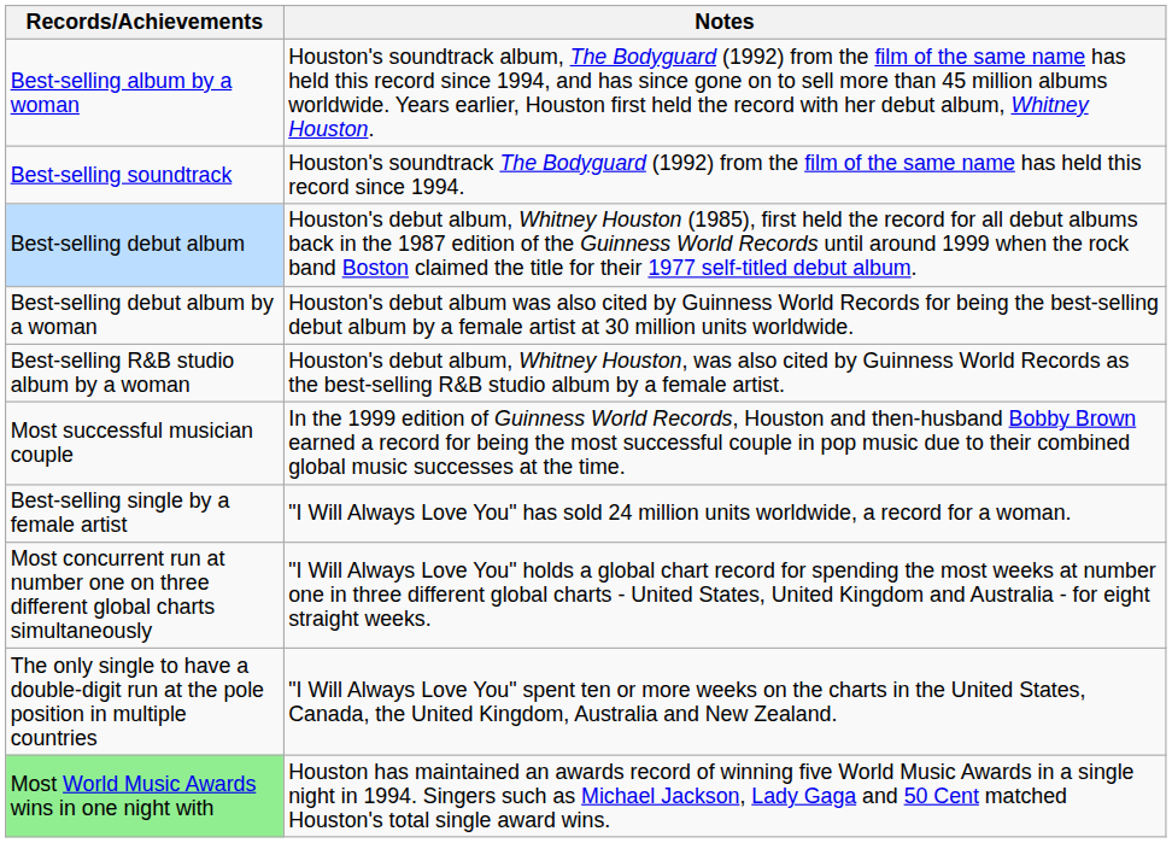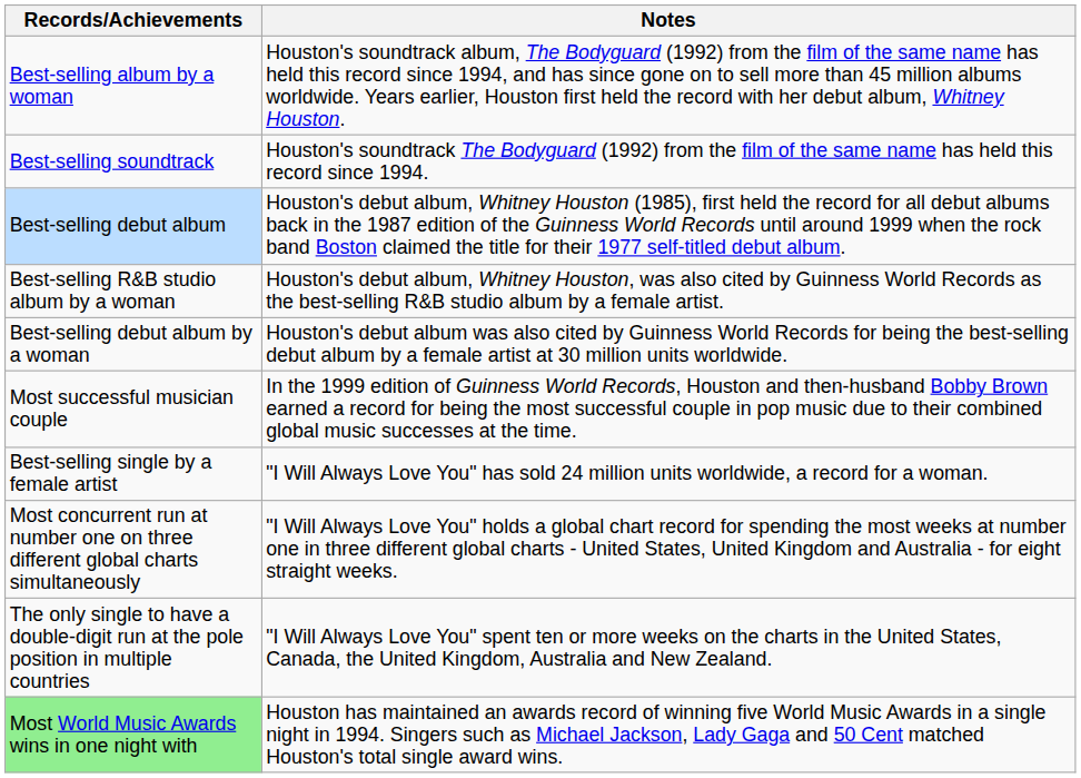 <table class="wikitable sortable plainrowheaders">
 <tr>
 <th scope="col" width=20%>Records/Achievements</th>
 <th scope="col" width=67%>Notes</th>
 </tr>
 <tr>
 <td><a href='#'>Best-selling album by a woman</a> </td>
 <td>Houston's soundtrack album, <em><a href='#'>The Bodyguard</a></em> (1992) from the <a href='#'>film of the same name</a> has held this record since 1994, and has since gone on to sell more than 45 million albums worldwide. Years earlier, Houston first held the record with her debut album, <em><a href='#'>Whitney Houston</a></em>.</td>
 </tr>
 <tr>
 <td><a href='#'>Best-selling soundtrack</a> </td>
 <td>Houston's soundtrack <em><a href='#'>The Bodyguard</a></em> (1992) from the <a href='#'>film of the same name</a> has held this record since 1994.</td>
 </tr>
 <tr>
 <td style="background-color: #bdf;">Best-selling debut album </td>
 <td>Houston's debut album, <em>Whitney Houston</em> (1985), first held the record for all debut albums back in the 1987 edition of the <em>Guinness World Records</em> until around 1999 when the rock band <a href='#'>Boston</a> claimed the title for their <a href='#'>1977 self-titled debut album</a>.</td>
 </tr>
 <tr>
+<td>Best-selling R&B studio album by a woman </td>
+<td>Houston's debut album, <em>Whitney Houston</em>, was also cited by Guinness World Records as the best-selling R&B studio album by a female artist.</td>
+</tr>
+<tr>
 <td>Best-selling debut album by a woman </td>
 <td>Houston's debut album was also cited by Guinness World Records for being the best-selling debut album by a female artist at 30 million units worldwide.</td>
-</tr>
-<tr>
-<td>Best-selling R&B studio album by a woman </td>
-<td>Houston's debut album, <em>Whitney Houston</em>, was also cited by Guinness World Records as the best-selling R&B studio album by a female artist.</td>
 </tr>
 <tr>
 <td>Most successful musician couple </td>
 <td>In the 1999 edition of <em>Guinness World Records</em>, Houston and then-husband <a href='#'>Bobby Brown</a> earned a record for being the most successful couple in pop music due to their combined global music successes at the time.</td>
 </tr>
 <tr>
 <td>Best-selling single by a female artist </td>
 <td>"I Will Always Love You" has sold 24 million units worldwide, a record for a woman.</td>
 </tr>
 <tr>
 <td>Most concurrent run at number one on three different global charts simultaneously</td>
 <td>"I Will Always Love You" holds a global chart record for spending the most weeks at number one in three different global charts - United States, United Kingdom and Australia - for eight straight weeks.</td>
 </tr>
 <tr>
 <td>The only single to have a double-digit run at the pole position in multiple countries</td>
 <td>"I Will Always Love You" spent ten or more weeks on the charts in the United States, Canada, the United Kingdom, Australia and New Zealand.</td>
 </tr>
 <tr>
 <td style="background-color: #90EE90;">Most <a href='#'>World Music Awards</a> wins in one night with </td>
 <td>Houston has maintained an awards record of winning five World Music Awards in a single night in 1994. Singers such as <a href='#'>Michael Jackson</a>, <a href='#'>Lady Gaga</a> and <a href='#'>50 Cent</a> matched Houston's total single award wins.</td>
 </tr>
 </table>
